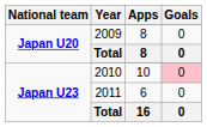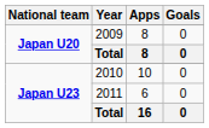 <table class="wikitable" style="font-size:90%; text-align:center;">
 <tr>
 <th>National team</th>
 <th>Year</th>
 <th>Apps</th>
 <th>Goals</th>
 </tr>
 <tr>
 <td rowspan="3"><strong><a href='#'>Japan U20</a></strong></td>
 </tr>
 <tr>
 <td>2009</td>
 <td>8</td>
 <td>0</td>
 </tr>
 <tr>
 <th colspan=1>Total</th>
 <th>8</th>
 <th>0</th>
 </tr>
 <tr>
 <td rowspan="4"><strong><a href='#'>Japan U23</a></strong></td>
 </tr>
 <tr>
 <td>2010</td>
 <td>10</td>
-<td style="background: pink;">0</td>
+<td>0</td>
 </tr>
 <tr>
 <td>2011</td>
 <td>6</td>
 <td>0</td>
 </tr>
 <tr>
 <th colspan=1>Total</th>
 <th>16</th>
 <th>0</th>
 </tr>
 </table>
